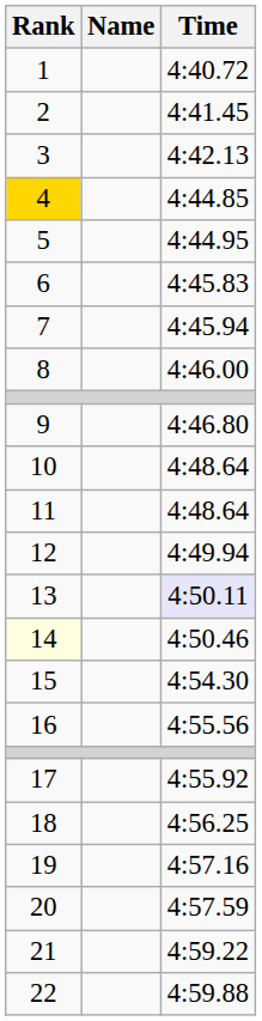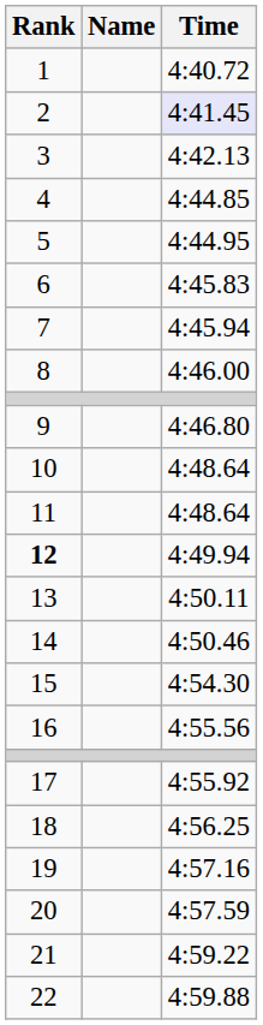 <table class="wikitable">
 <tr>
 <th>Rank</th>
 <th>Name</th>
 <th>Time</th>
 </tr>
 <tr>
 <td align="center">1</td>
 <td></td>
 <td align="center">4:40.72</td>
 </tr>
 <tr>
 <td align="center">2</td>
 <td></td>
-<td align="center">4:41.45</td>
+<td align="center" style="background: lavender;">4:41.45</td>
 </tr>
 <tr>
 <td align="center">3</td>
 <td></td>
 <td align="center">4:42.13</td>
 </tr>
 <tr>
-<td align="center" style="background: gold;">4</td>
+<td align="center">4</td>
 <td></td>
 <td align="center">4:44.85</td>
 </tr>
 <tr>
 <td align="center">5</td>
 <td></td>
 <td align="center">4:44.95</td>
 </tr>
 <tr>
 <td align="center">6</td>
 <td></td>
 <td align="center">4:45.83</td>
 </tr>
 <tr>
 <td align="center">7</td>
 <td></td>
 <td align="center">4:45.94</td>
 </tr>
 <tr>
 <td align="center">8</td>
 <td></td>
 <td align="center">4:46.00</td>
 </tr>
 <tr>
 <td colspan=3 bgcolor=lightgray></td>
 </tr>
 <tr>
 <td align="center">9</td>
 <td></td>
 <td align="center">4:46.80</td>
 </tr>
 <tr>
 <td align="center">10</td>
 <td></td>
 <td align="center">4:48.64</td>
 </tr>
 <tr>
 <td align="center">11</td>
 <td></td>
 <td align="center">4:48.64</td>
 </tr>
 <tr>
-<td align="center">12</td>
+<td align="center"><strong>12</strong></td>
 <td></td>
 <td align="center">4:49.94</td>
 </tr>
 <tr>
 <td align="center">13</td>
 <td></td>
-<td align="center" style="background: lavender;">4:50.11</td>
+<td align="center">4:50.11</td>
 </tr>
 <tr>
-<td align="center" style="background: lightyellow;">14</td>
+<td align="center">14</td>
 <td></td>
 <td align="center">4:50.46</td>
 </tr>
 <tr>
 <td align="center">15</td>
 <td></td>
 <td align="center">4:54.30</td>
 </tr>
 <tr>
 <td align="center">16</td>
 <td></td>
 <td align="center">4:55.56</td>
 </tr>
 <tr>
 <td colspan=3 bgcolor=lightgray></td>
 </tr>
 <tr>
 <td align="center">17</td>
 <td></td>
 <td align="center">4:55.92</td>
 </tr>
 <tr>
 <td align="center">18</td>
 <td></td>
 <td align="center">4:56.25</td>
 </tr>
 <tr>
 <td align="center">19</td>
 <td></td>
 <td align="center">4:57.16</td>
 </tr>
 <tr>
 <td align="center">20</td>
 <td></td>
 <td align="center">4:57.59</td>
 </tr>
 <tr>
 <td align="center">21</td>
 <td></td>
 <td align="center">4:59.22</td>
 </tr>
 <tr>
 <td align="center">22</td>
 <td></td>
 <td align="center">4:59.88</td>
 </tr>
 </table>
